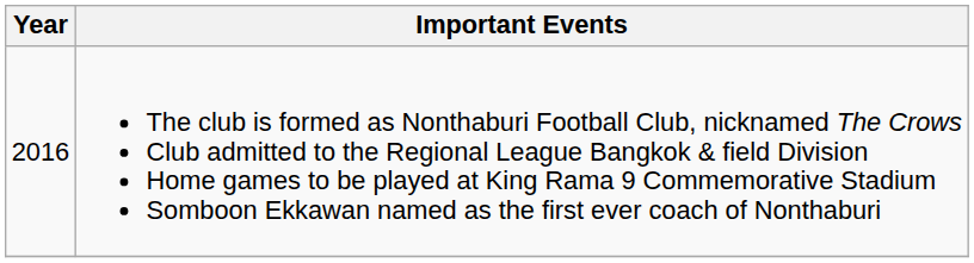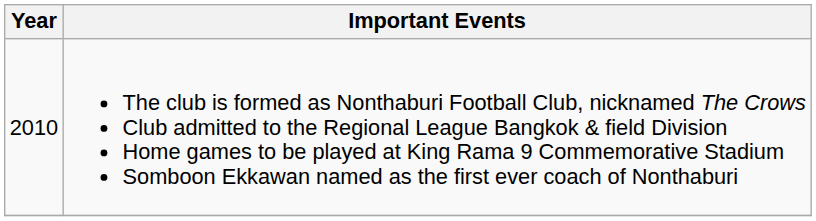 <table class="wikitable">
 <tr>
 <th>Year</th>
 <th>Important Events</th>
 </tr>
 <tr>
-<td>2016</td>
+<td>2010</td>
 <td><br><ul><li>The club is formed as Nonthaburi Football Club, nicknamed <em>The Crows</em></li><li>Club admitted to the Regional League Bangkok & field Division</li><li>Home games to be played at King Rama 9 Commemorative Stadium</li><li>Somboon Ekkawan named as the first ever coach of Nonthaburi</li></ul></td>
 </tr>
 <tr>
 </tr>
 </table>
